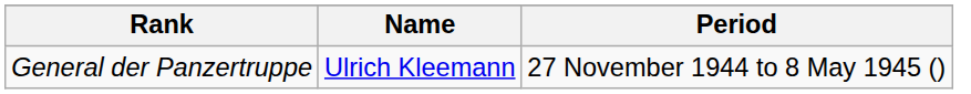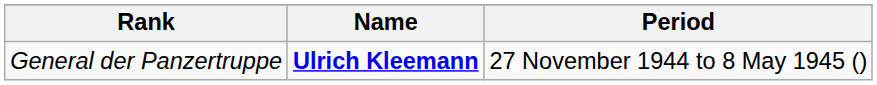 <table class="wikitable">
 <tr>
 </tr>
 <tr>
 <th>Rank</th>
 <th>Name</th>
 <th>Period</th>
 </tr>
 <tr>
 <td><em>General der Panzertruppe</em></td>
-<td><a href='#'>Ulrich Kleemann</a></td>
+<td><strong><a href='#'>Ulrich Kleemann</a></strong></td>
 <td>27 November 1944 to 8 May 1945 ()</td>
 </tr>
 </table>
